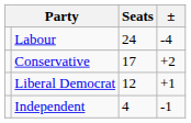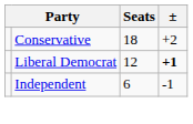 <table class="wikitable">
 <tr>
 <th colspan="2">Party</th>
 <th>Seats</th>
 <th>  ±  </th>
 </tr>
 <tr>
 <td style="background-color: "></td>
-<td><a href='#'>Labour</a></td>
-<td>24</td>
-<td>-4</td>
-</tr>
-<tr>
-<td style="background-color: "></td>
 <td><a href='#'>Conservative</a></td>
-<td>17</td>
+<td>18</td>
 <td>+2</td>
 </tr>
 <tr>
 <td style="background-color: "></td>
 <td><a href='#'>Liberal Democrat</a></td>
 <td>12</td>
-<td>+1</td>
+<td><strong>+1</strong></td>
 </tr>
 <tr>
 <td style="background-color: "></td>
 <td><a href='#'>Independent</a></td>
-<td>4</td>
+<td>6</td>
 <td>-1</td>
 </tr>
 </table>
